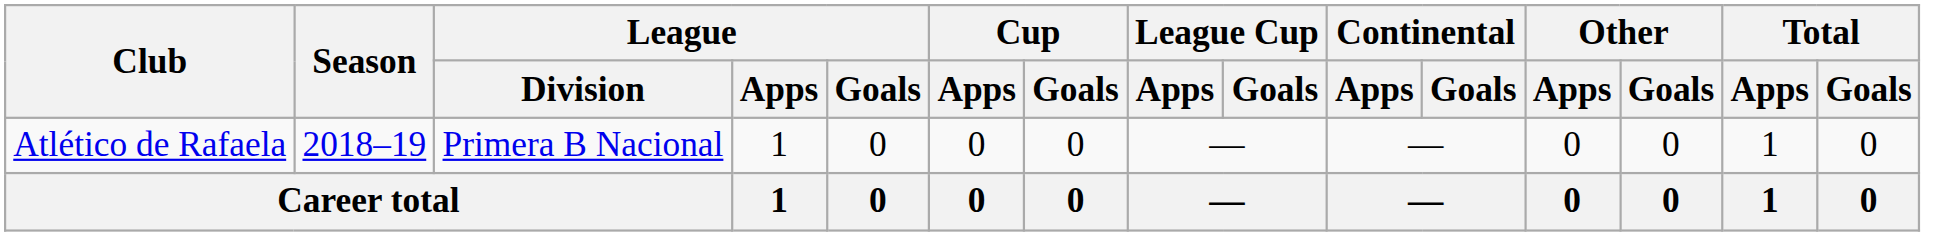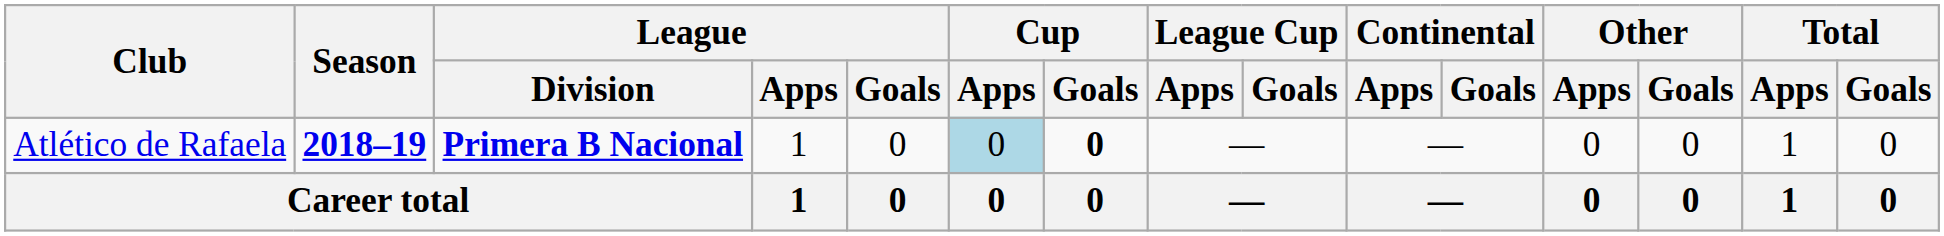 <table class="wikitable" style="text-align:center">
 <tr>
 <th rowspan="2">Club</th>
 <th rowspan="2">Season</th>
 <th colspan="3">League</th>
 <th colspan="2">Cup</th>
 <th colspan="2">League Cup</th>
 <th colspan="2">Continental</th>
 <th colspan="2">Other</th>
 <th colspan="2">Total</th>
 </tr>
 <tr>
 <th>Division</th>
 <th>Apps</th>
 <th>Goals</th>
 <th>Apps</th>
 <th>Goals</th>
 <th>Apps</th>
 <th>Goals</th>
 <th>Apps</th>
 <th>Goals</th>
 <th>Apps</th>
 <th>Goals</th>
 <th>Apps</th>
 <th>Goals</th>
 </tr>
 <tr>
 <td rowspan="1"><a href='#'>Atlético de Rafaela</a></td>
-<td><a href='#'>2018–19</a></td>
-<td rowspan="1"><a href='#'>Primera B Nacional</a></td>
+<td><strong><a href='#'>2018–19</a></strong></td>
+<td rowspan="1"><strong><a href='#'>Primera B Nacional</a></strong></td>
 <td>1</td>
 <td>0</td>
-<td>0</td>
-<td>0</td>
+<td style="background: lightblue;">0</td>
+<td><strong>0</strong></td>
 <td colspan="2">—</td>
 <td colspan="2">—</td>
 <td>0</td>
 <td>0</td>
 <td>1</td>
 <td>0</td>
 </tr>
 <tr>
 <th colspan="3">Career total</th>
 <th>1</th>
 <th>0</th>
 <th>0</th>
 <th>0</th>
 <th colspan="2">—</th>
 <th colspan="2">—</th>
 <th>0</th>
 <th>0</th>
 <th>1</th>
 <th>0</th>
 </tr>
 </table>
